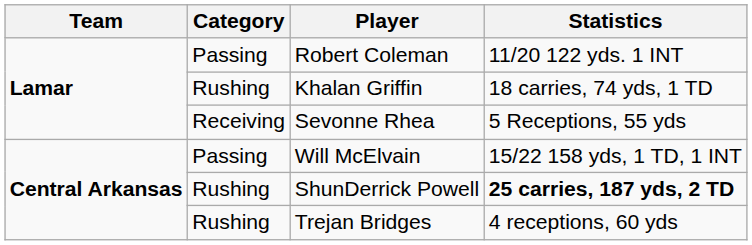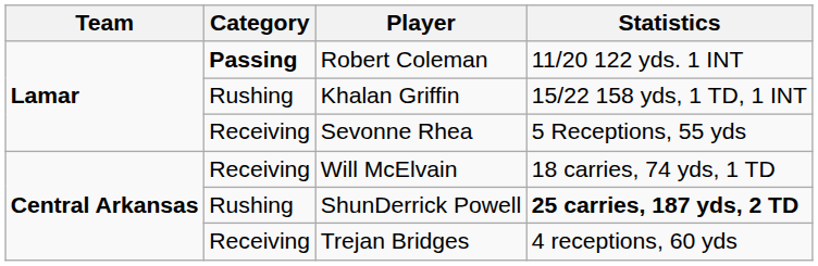 <table class="wikitable" style="float: right;">
 <tr>
 <th>Team</th>
 <th>Category</th>
 <th>Player</th>
 <th>Statistics</th>
 </tr>
 <tr>
 <td rowspan=3><strong>Lamar</strong></td>
-<td>Passing</td>
+<td><strong>Passing</strong></td>
 <td>Robert Coleman</td>
 <td>11/20 122 yds. 1 INT</td>
 </tr>
 <tr>
 <td>Rushing</td>
 <td>Khalan Griffin</td>
-<td>18 carries, 74 yds, 1 TD</td>
+<td>15/22 158 yds, 1 TD, 1 INT</td>
 </tr>
 <tr>
 <td>Receiving</td>
 <td>Sevonne Rhea</td>
 <td>5 Receptions, 55 yds</td>
 </tr>
 <tr>
 <td rowspan=3><strong>Central Arkansas</strong></td>
-<td>Passing</td>
+<td>Receiving</td>
 <td>Will McElvain</td>
-<td>15/22 158 yds, 1 TD, 1 INT</td>
+<td>18 carries, 74 yds, 1 TD</td>
 </tr>
 <tr>
 <td>Rushing</td>
 <td>ShunDerrick Powell</td>
 <td><strong>25 carries, 187 yds, 2 TD</strong></td>
 </tr>
 <tr>
-<td>Rushing</td>
+<td>Receiving</td>
 <td>Trejan Bridges</td>
 <td>4 receptions, 60 yds</td>
 </tr>
 </table>
